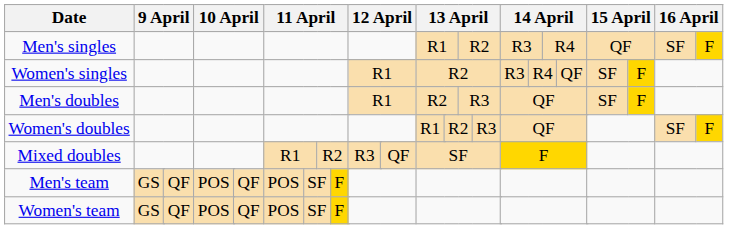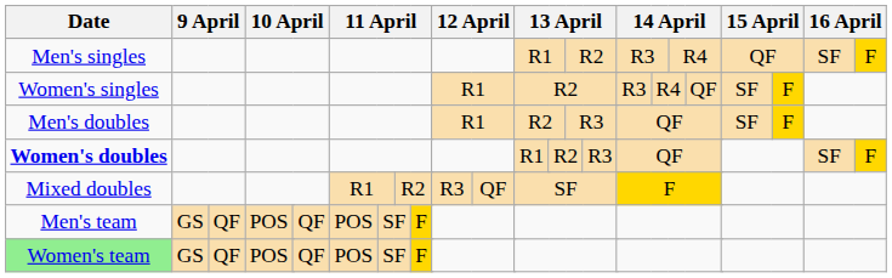 <table class="wikitable" style="text-align: center;">
 <tr valign="bottom">
 <th>Date</th>
 <th colspan="3">9 April</th>
 <th colspan="3">10 April</th>
 <th colspan="6">11 April</th>
 <th colspan="6">12 April</th>
 <th colspan="6">13 April</th>
 <th colspan="6">14 April</th>
 <th colspan="2">15 April</th>
 <th colspan="2">16 April</th>
 </tr>
 <tr>
 <td><a href='#'>Men's singles</a></td>
 <td colspan="3"></td>
 <td colspan="3"></td>
 <td colspan="6"></td>
 <td colspan="6"></td>
 <td colspan="3" style="background: #FADFAD">R1</td>
 <td colspan="3" style="background: #FADFAD">R2</td>
 <td colspan="3" style="background: #FADFAD">R3</td>
 <td colspan="3" style="background: #FADFAD">R4</td>
 <td colspan="2" style="background: #FADFAD">QF</td>
 <td style="background: #FADFAD">SF</td>
 <td style="background: #FFD700">F</td>
 </tr>
 <tr>
 <td><a href='#'>Women's singles</a></td>
 <td colspan="3"></td>
 <td colspan="3"></td>
 <td colspan="6"></td>
 <td colspan="6" style="background: #FADFAD">R1</td>
 <td colspan="6" style="background: #FADFAD">R2</td>
 <td colspan="2" style="background: #FADFAD">R3</td>
 <td colspan="2" style="background: #FADFAD">R4</td>
 <td colspan="2" style="background: #FADFAD">QF</td>
 <td style="background: #FADFAD">SF</td>
 <td style="background: #FFD700">F</td>
 <td colspan="2"></td>
 </tr>
 <tr>
 <td><a href='#'>Men's doubles</a></td>
 <td colspan="3"></td>
 <td colspan="3"></td>
 <td colspan="6"></td>
 <td colspan="6" style="background: #FADFAD">R1</td>
 <td colspan="3" style="background: #FADFAD">R2</td>
 <td colspan="3" style="background: #FADFAD">R3</td>
 <td colspan="6" style="background: #FADFAD">QF</td>
 <td style="background: #FADFAD">SF</td>
 <td style="background: #FFD700">F</td>
 <td colspan="2"></td>
 </tr>
 <tr>
-<td><a href='#'>Women's doubles</a></td>
+<td><strong><a href='#'>Women's doubles</a></strong></td>
 <td colspan="3"></td>
 <td colspan="3"></td>
 <td colspan="6"></td>
 <td colspan="6"></td>
 <td colspan="2" style="background: #FADFAD">R1</td>
 <td colspan="2" style="background: #FADFAD">R2</td>
 <td colspan="2" style="background: #FADFAD">R3</td>
 <td colspan="6" style="background: #FADFAD">QF</td>
 <td colspan="2"></td>
 <td style="background: #FADFAD">SF</td>
 <td style="background: #FFD700">F</td>
 </tr>
 <tr>
 <td><a href='#'>Mixed doubles</a></td>
 <td colspan="3"></td>
 <td colspan="3"></td>
 <td colspan="3" style="background: #FADFAD">R1</td>
 <td colspan="3" style="background: #FADFAD">R2</td>
 <td colspan="3" style="background: #FADFAD">R3</td>
 <td colspan="3" style="background: #FADFAD">QF</td>
 <td colspan="6" style="background: #FADFAD">SF</td>
 <td colspan="6" style="background: #FFD700">F</td>
 <td colspan="2"></td>
 <td colspan="2"></td>
 </tr>
 <tr>
 <td><a href='#'>Men's team</a></td>
 <td colspan="2" style="background: #FADFAD">GS</td>
 <td style="background: #FADFAD">QF</td>
 <td colspan="2" style="background: #FADFAD">POS</td>
 <td style="background: #FADFAD">QF</td>
 <td colspan="2" style="background: #FADFAD">POS</td>
 <td colspan="2" style="background: #FADFAD">SF</td>
 <td colspan="2" style="background: #FFD700">F</td>
 <td colspan="6"></td>
 <td colspan="6"></td>
 <td colspan="6"></td>
 <td colspan="2"></td>
 <td colspan="2"></td>
 </tr>
 <tr>
-<td><a href='#'>Women's team</a></td>
+<td style="background: lightgreen;"><a href='#'>Women's team</a></td>
 <td colspan="2" style="background: #FADFAD">GS</td>
 <td style="background: #FADFAD">QF</td>
 <td colspan="2" style="background: #FADFAD">POS</td>
 <td style="background: #FADFAD">QF</td>
 <td colspan="2" style="background: #FADFAD">POS</td>
 <td colspan="2" style="background: #FADFAD">SF</td>
 <td colspan="2" style="background: #FFD700">F</td>
 <td colspan="6"></td>
 <td colspan="6"></td>
 <td colspan="6"></td>
 <td colspan="2"></td>
 <td colspan="2"></td>
 </tr>
 </table>
